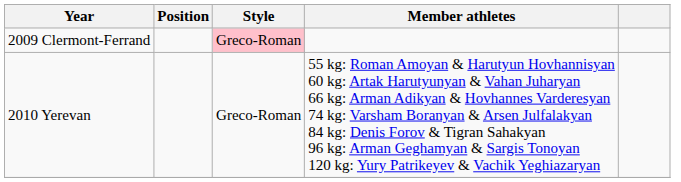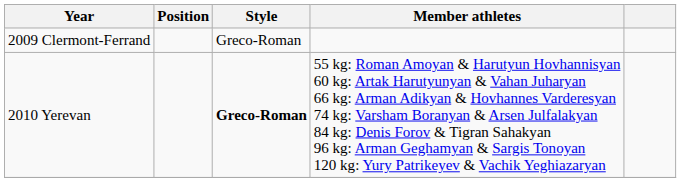 <table class="wikitable sortable">
 <tr>
 <th>Year</th>
 <th>Position</th>
 <th>Style</th>
 <th>Member athletes</th>
 <th class="unsortable" style="width:3em"></th>
 </tr>
 <tr>
 <td> 2009 Clermont-Ferrand</td>
 <td></td>
-<td style="background: pink;">Greco-Roman</td>
+<td>Greco-Roman</td>
 <td></td>
 <td></td>
 </tr>
 <tr>
 <td> 2010 Yerevan</td>
 <td></td>
-<td>Greco-Roman</td>
+<td><strong>Greco-Roman</strong></td>
 <td>55 kg: <a href='#'>Roman Amoyan</a>  & <a href='#'>Harutyun Hovhannisyan</a><br>60 kg: <a href='#'>Artak Harutyunyan</a> & <a href='#'>Vahan Juharyan</a><br>66 kg: <a href='#'>Arman Adikyan</a>  & <a href='#'>Hovhannes Varderesyan</a><br>74 kg: <a href='#'>Varsham Boranyan</a> & <a href='#'>Arsen Julfalakyan</a> <br>84 kg: <a href='#'>Denis Forov</a> & Tigran Sahakyan<br>96 kg: <a href='#'>Arman Geghamyan</a>  & <a href='#'>Sargis Tonoyan</a><br>120 kg: <a href='#'>Yury Patrikeyev</a>  & <a href='#'>Vachik Yeghiazaryan</a></td>
 <td></td>
 </tr>
 <tr>
 </tr>
 </table>
